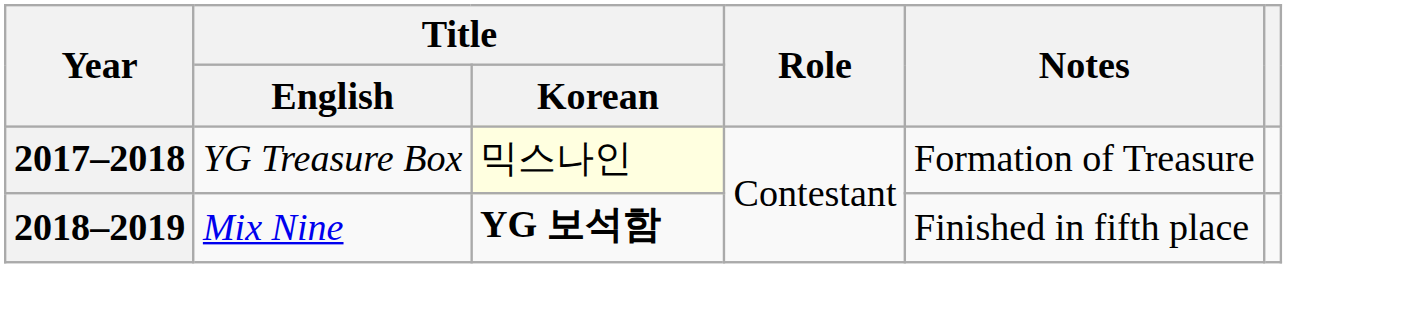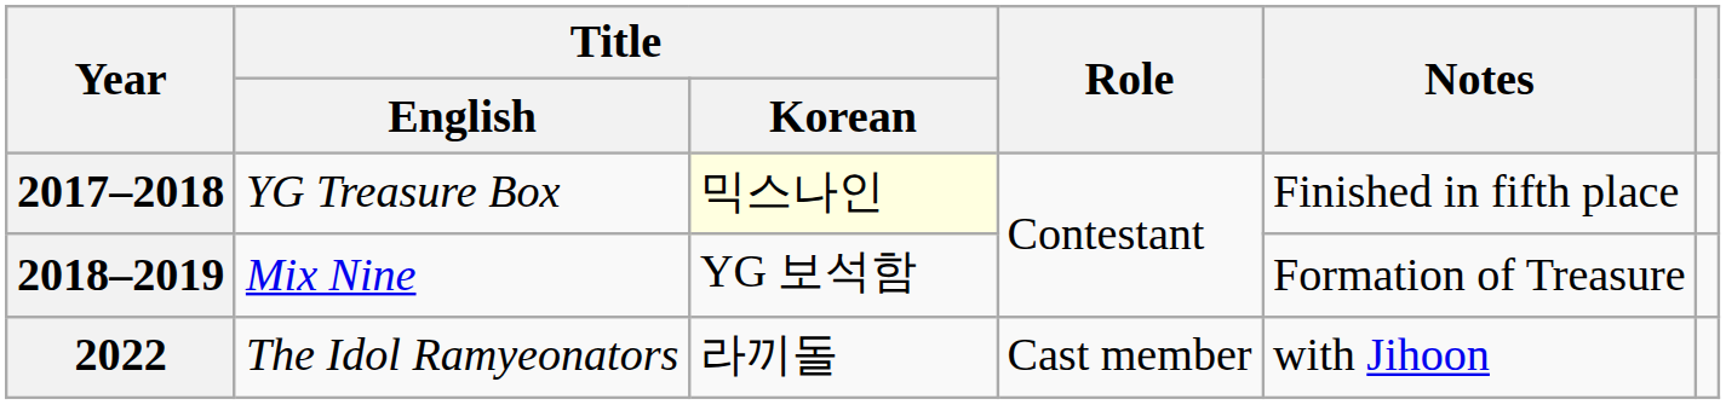 <table class="wikitable sortable plainrowheaders">
 <tr>
 <th scope="col" rowspan="2">Year</th>
 <th scope="col" colspan="2">Title</th>
 <th scope="col" rowspan="2">Role</th>
 <th scope="col" rowspan="2">Notes</th>
 <th scope="col" rowspan="2" class="unsortable"></th>
 </tr>
 <tr>
 <th scope="col">English</th>
 <th scope="col" style="width:6.2em;">Korean</th>
 </tr>
 <tr>
 <th scope="row">2017–2018</th>
 <td><em>YG Treasure Box</em></td>
 <td style="background: lightyellow;">믹스나인</td>
 <td rowspan="2">Contestant</td>
-<td>Formation of Treasure</td>
+<td>Finished in fifth place</td>
 <td style="text-align:center"></td>
 </tr>
 <tr>
 <th scope="row">2018–2019</th>
 <td><em><a href='#'>Mix Nine</a></em></td>
-<td><strong>YG 보석함</strong></td>
-<td>Finished in fifth place</td>
+<td>YG 보석함</td>
+<td>Formation of Treasure</td>
+<td style="text-align:center"></td>
+</tr>
+<tr>
+<th scope="row">2022</th>
+<td><em>The Idol Ramyeonators</em></td>
+<td>라끼돌</td>
+<td>Cast member</td>
+<td>with <a href='#'>Jihoon</a></td>
 <td style="text-align:center"></td>
 </tr>
 </table>
